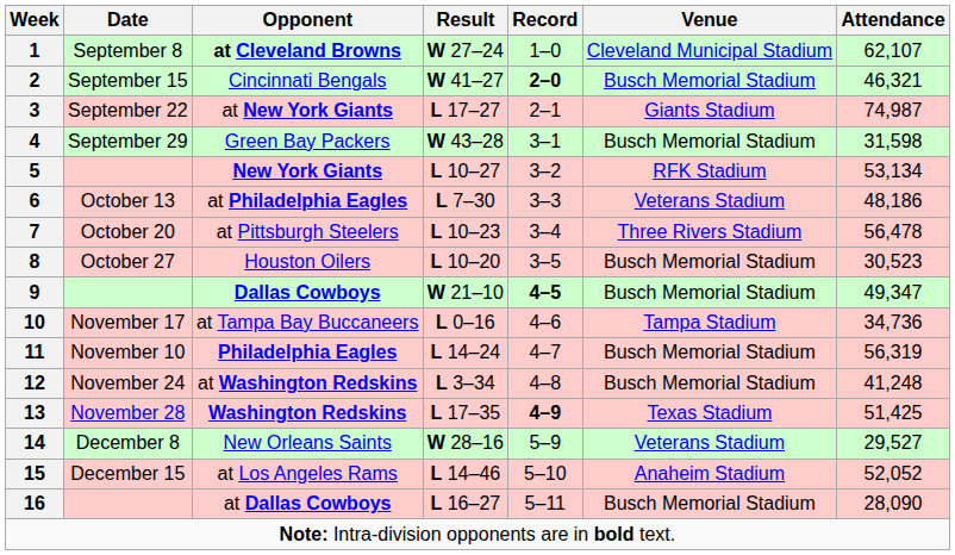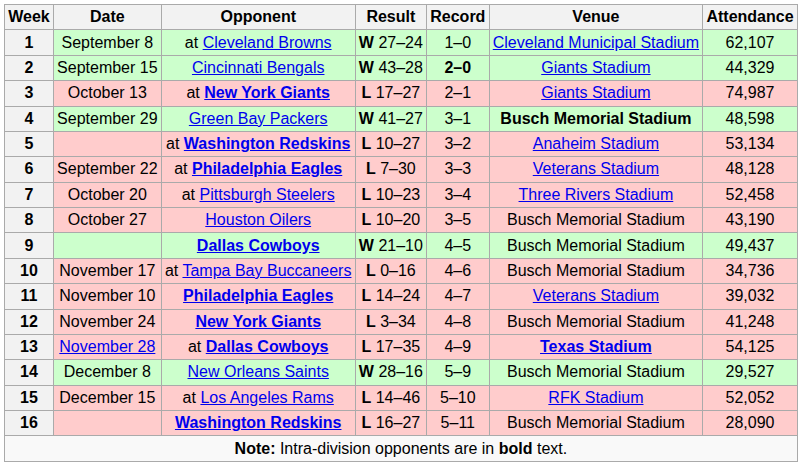 <table class="wikitable" style="text-align:center">
 <tr>
 <th>Week</th>
 <th>Date</th>
 <th>Opponent</th>
 <th>Result</th>
 <th>Record</th>
 <th>Venue</th>
 <th>Attendance</th>
 </tr>
 <tr style="background:#cfc">
 <th>1</th>
 <td>September 8</td>
-<td><strong>at <a href='#'>Cleveland Browns</a></strong></td>
+<td>at <a href='#'>Cleveland Browns</a></td>
 <td><strong>W</strong> 27–24</td>
 <td>1–0</td>
 <td><a href='#'>Cleveland Municipal Stadium</a></td>
 <td>62,107</td>
 </tr>
 <tr style="background:#cfc">
 <th>2</th>
 <td>September 15</td>
 <td><a href='#'>Cincinnati Bengals</a></td>
-<td><strong>W</strong> 41–27</td>
+<td><strong>W</strong> 43–28</td>
 <td><strong>2–0</strong></td>
-<td><a href='#'>Busch Memorial Stadium</a></td>
-<td>46,321</td>
+<td><a href='#'>Giants Stadium</a></td>
+<td>44,329</td>
 </tr>
 <tr style="background:#fcc">
 <th>3</th>
-<td>September 22</td>
+<td>October 13</td>
 <td>at <strong><a href='#'>New York Giants</a></strong></td>
 <td><strong>L</strong> 17–27</td>
 <td>2–1</td>
 <td><a href='#'>Giants Stadium</a></td>
 <td>74,987</td>
 </tr>
 <tr style="background:#cfc">
 <th>4</th>
 <td>September 29</td>
 <td><a href='#'>Green Bay Packers</a></td>
-<td><strong>W</strong> 43–28</td>
+<td><strong>W</strong> 41–27</td>
 <td>3–1</td>
-<td>Busch Memorial Stadium</td>
-<td>31,598</td>
+<td><strong>Busch Memorial Stadium</strong></td>
+<td>48,598</td>
 </tr>
 <tr style="background:#fcc">
 <th>5</th>
 <td></td>
-<td><strong><a href='#'>New York Giants</a></strong></td>
+<td>at <strong><a href='#'>Washington Redskins</a></strong></td>
 <td><strong>L</strong> 10–27</td>
 <td>3–2</td>
-<td><a href='#'>RFK Stadium</a></td>
+<td><a href='#'>Anaheim Stadium</a></td>
 <td>53,134</td>
 </tr>
 <tr style="background:#fcc">
 <th>6</th>
-<td>October 13</td>
+<td>September 22</td>
 <td>at <strong><a href='#'>Philadelphia Eagles</a></strong></td>
 <td><strong>L</strong> 7–30</td>
 <td>3–3</td>
 <td><a href='#'>Veterans Stadium</a></td>
-<td>48,186</td>
+<td>48,128</td>
 </tr>
 <tr style="background:#fcc">
 <th>7</th>
 <td>October 20</td>
 <td>at <a href='#'>Pittsburgh Steelers</a></td>
 <td><strong>L</strong> 10–23</td>
 <td>3–4</td>
 <td><a href='#'>Three Rivers Stadium</a></td>
-<td>56,478</td>
+<td>52,458</td>
 </tr>
 <tr style="background:#fcc">
 <th>8</th>
 <td>October 27</td>
 <td><a href='#'>Houston Oilers</a></td>
 <td><strong>L</strong> 10–20</td>
 <td>3–5</td>
 <td>Busch Memorial Stadium</td>
-<td>30,523</td>
+<td>43,190</td>
 </tr>
 <tr style="background:#cfc">
 <th>9</th>
 <td></td>
 <td><strong><a href='#'>Dallas Cowboys</a></strong></td>
 <td><strong>W</strong> 21–10</td>
-<td><strong>4–5</strong></td>
+<td>4–5</td>
 <td>Busch Memorial Stadium</td>
-<td>49,347</td>
+<td>49,437</td>
 </tr>
 <tr style="background:#fcc">
 <th>10</th>
 <td>November 17</td>
 <td>at <a href='#'>Tampa Bay Buccaneers</a></td>
 <td><strong>L</strong> 0–16</td>
 <td>4–6</td>
-<td><a href='#'>Tampa Stadium</a></td>
+<td>Busch Memorial Stadium</td>
 <td>34,736</td>
 </tr>
 <tr style="background:#fcc">
 <th>11</th>
 <td>November 10</td>
 <td><strong><a href='#'>Philadelphia Eagles</a></strong></td>
 <td><strong>L</strong> 14–24</td>
 <td>4–7</td>
-<td>Busch Memorial Stadium</td>
-<td>56,319</td>
+<td><a href='#'>Veterans Stadium</a></td>
+<td>39,032</td>
 </tr>
 <tr style="background:#fcc">
 <th>12</th>
 <td>November 24</td>
-<td>at <strong><a href='#'>Washington Redskins</a></strong></td>
+<td><strong><a href='#'>New York Giants</a></strong></td>
 <td><strong>L</strong> 3–34</td>
 <td>4–8</td>
 <td>Busch Memorial Stadium</td>
 <td>41,248</td>
 </tr>
 <tr style="background:#fcc">
 <th>13</th>
 <td><a href='#'>November 28</a></td>
-<td><strong><a href='#'>Washington Redskins</a></strong></td>
+<td>at <strong><a href='#'>Dallas Cowboys</a></strong></td>
 <td><strong>L</strong> 17–35</td>
-<td><strong>4–9</strong></td>
-<td><a href='#'>Texas Stadium</a></td>
-<td>51,425</td>
+<td>4–9</td>
+<td><strong><a href='#'>Texas Stadium</a></strong></td>
+<td>54,125</td>
 </tr>
 <tr style="background:#cfc">
 <th>14</th>
 <td>December 8</td>
 <td><a href='#'>New Orleans Saints</a></td>
 <td><strong>W</strong> 28–16</td>
 <td>5–9</td>
-<td><a href='#'>Veterans Stadium</a></td>
+<td>Busch Memorial Stadium</td>
 <td>29,527</td>
 </tr>
 <tr style="background:#fcc">
 <th>15</th>
 <td>December 15</td>
 <td>at <a href='#'>Los Angeles Rams</a></td>
 <td><strong>L</strong> 14–46</td>
 <td>5–10</td>
-<td><a href='#'>Anaheim Stadium</a></td>
+<td><a href='#'>RFK Stadium</a></td>
 <td>52,052</td>
 </tr>
 <tr style="background:#fcc">
 <th>16</th>
 <td></td>
-<td>at <strong><a href='#'>Dallas Cowboys</a></strong></td>
+<td><strong><a href='#'>Washington Redskins</a></strong></td>
 <td><strong>L</strong> 16–27</td>
 <td>5–11</td>
 <td>Busch Memorial Stadium</td>
 <td>28,090</td>
 </tr>
 <tr>
 <td colspan="8"><strong>Note:</strong> Intra-division opponents are in <strong>bold</strong> text.</td>
 </tr>
 </table>
